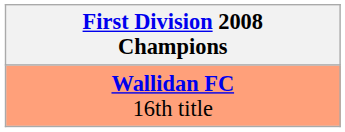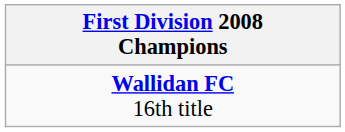 <table class="wikitable" style="margin: 0 auto; width: 240px;">
 <tr>
 <th><a href='#'>First Division</a> 2008<br>Champions</th>
 </tr>
 <tr>
-<td align=center style="background: lightsalmon;"><strong><a href='#'>Wallidan FC</a></strong><br>16th title</td>
+<td align=center><strong><a href='#'>Wallidan FC</a></strong><br>16th title</td>
 </tr>
 </table>
